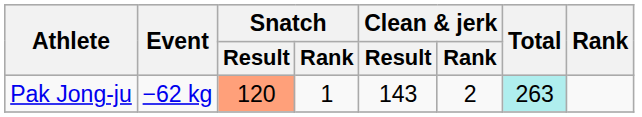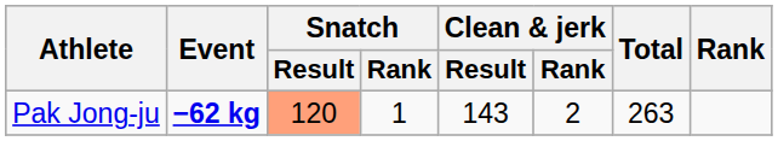 <table class="wikitable" style="font-size:90%">
 <tr>
 <th rowspan="2">Athlete</th>
 <th rowspan="2">Event</th>
 <th colspan="2">Snatch</th>
 <th colspan="2">Clean & jerk</th>
 <th rowspan="2">Total</th>
 <th rowspan="2">Rank</th>
 </tr>
 <tr style="font-size:95%">
 <th>Result</th>
 <th>Rank</th>
 <th>Result</th>
 <th>Rank</th>
 </tr>
 <tr align=center>
 <td align=left><a href='#'>Pak Jong-ju</a></td>
-<td align=left><a href='#'>−62 kg</a></td>
+<td align=left><strong><a href='#'>−62 kg</a></strong></td>
 <td style="background: lightsalmon;">120</td>
 <td>1</td>
 <td>143</td>
 <td>2</td>
-<td style="background: paleturquoise;">263</td>
+<td>263</td>
 <td></td>
 </tr>
 </table>
